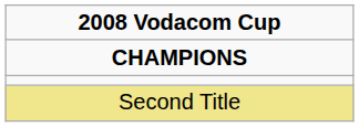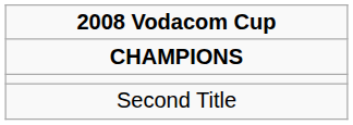 <table class="wikitable" style="text-align: center; margin: 0 auto; width: 20%">
 <tr>
 <td><strong>2008 Vodacom Cup</strong></td>
 </tr>
 <tr>
 <td><strong>CHAMPIONS</strong></td>
 </tr>
 <tr>
 <td></td>
 </tr>
 <tr>
-<td style="background: khaki;">Second Title</td>
+<td>Second Title</td>
 </tr>
 </table>
